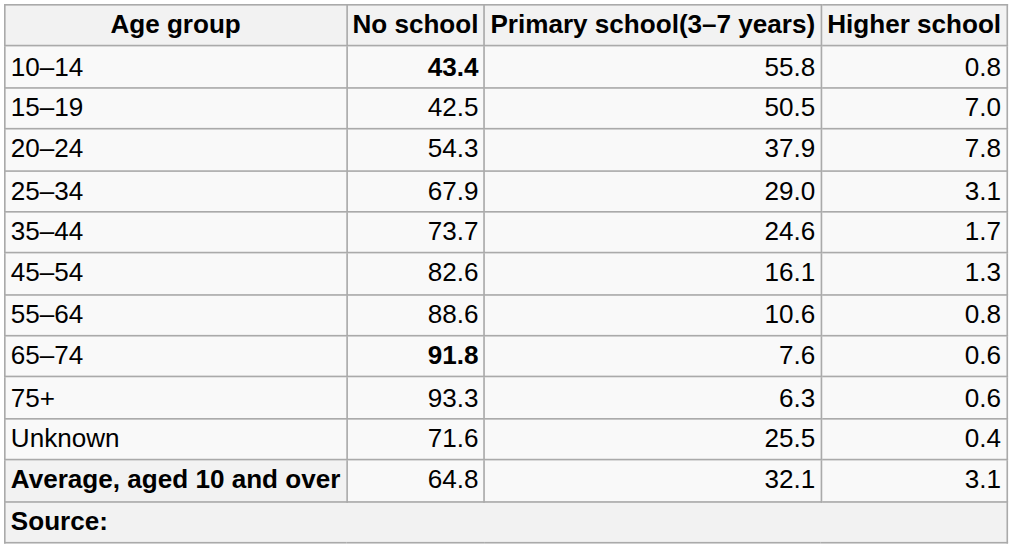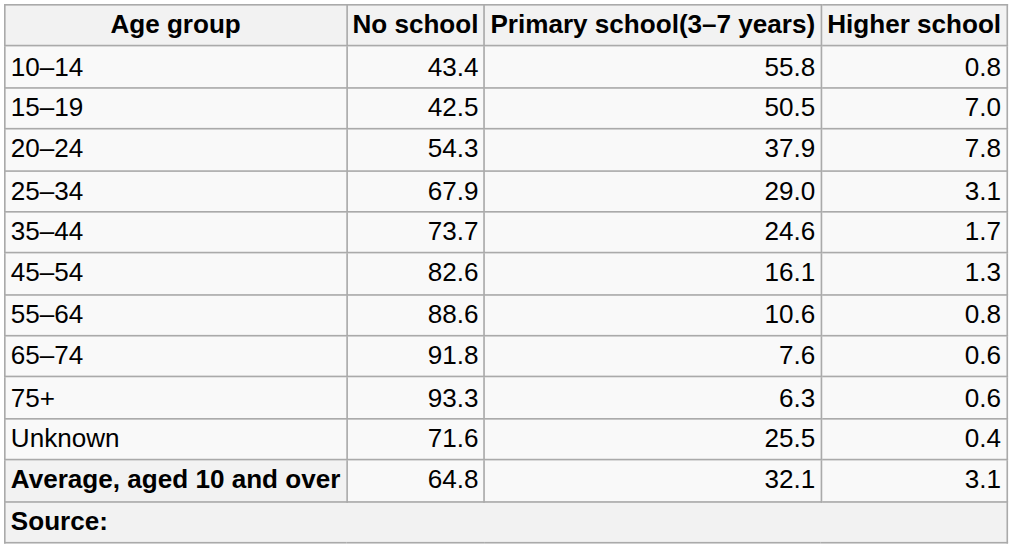 <table class="wikitable plainrowheaders" style="text-align: right">
 <tr class="static-row-header" style="vertical-align: bottom">
 <th scope="col">Age group</th>
 <th scope="col">No school</th>
 <th scope="col">Primary school(3–7 years)</th>
 <th scope="col">Higher school</th>
 </tr>
 <tr>
 <td style="text-align: left">10–14</td>
-<td><strong>43.4</strong></td>
+<td>43.4</td>
 <td>55.8</td>
 <td>0.8</td>
 </tr>
 <tr>
 <td style="text-align: left">15–19</td>
 <td>42.5</td>
 <td>50.5</td>
 <td>7.0</td>
 </tr>
 <tr>
 <td style="text-align: left">20–24</td>
 <td>54.3</td>
 <td>37.9</td>
 <td>7.8</td>
 </tr>
 <tr>
 <td style="text-align: left">25–34</td>
 <td>67.9</td>
 <td>29.0</td>
 <td>3.1</td>
 </tr>
 <tr>
 <td style="text-align: left">35–44</td>
 <td>73.7</td>
 <td>24.6</td>
 <td>1.7</td>
 </tr>
 <tr>
 <td style="text-align: left">45–54</td>
 <td>82.6</td>
 <td>16.1</td>
 <td>1.3</td>
 </tr>
 <tr>
 <td style="text-align: left">55–64</td>
 <td>88.6</td>
 <td>10.6</td>
 <td>0.8</td>
 </tr>
 <tr>
 <td style="text-align: left">65–74</td>
-<td><strong>91.8</strong></td>
+<td>91.8</td>
 <td>7.6</td>
 <td>0.6</td>
 </tr>
 <tr>
 <td style="text-align: left">75+</td>
 <td>93.3</td>
 <td>6.3</td>
 <td>0.6</td>
 </tr>
 <tr>
 <td style="text-align: left">Unknown</td>
 <td>71.6</td>
 <td>25.5</td>
 <td>0.4</td>
 </tr>
 <tr>
 <th scope="row"><strong>Average, aged 10 and over</strong></th>
 <td>64.8</td>
 <td>32.1</td>
 <td>3.1</td>
 </tr>
 <tr>
 <th scope="row" colspan="4" style="text-align: left"><strong>Source:</strong> </th>
 </tr>
 </table>
